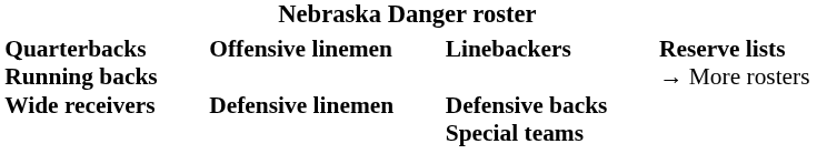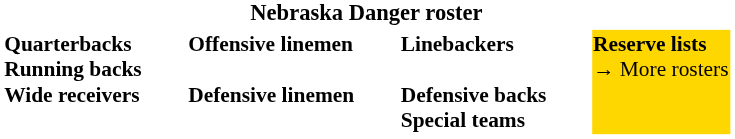 <table class="toccolours" style="text-align: left;">
 <tr>
 <th colspan="7" style="text-align:center; ">Nebraska Danger roster</th>
 </tr>
 <tr>
 <td style="font-size: 95%;vertical-align:top;"><strong>Quarterbacks</strong><br>  <strong>Running backs</strong> <br><strong>Wide receivers</strong>     </td>
 <td style="width: 25px;"></td>
 <td style="font-size: 95%;vertical-align:top;"><strong>Offensive linemen</strong><br>   <br><strong>Defensive linemen</strong>    </td>
 <td style="width: 25px;"></td>
 <td style="font-size: 95%;vertical-align:top;"><strong>Linebackers</strong><br><br><strong>Defensive backs</strong>      <br><strong>Special teams</strong> </td>
 <td style="width: 25px;"></td>
-<td style="font-size: 95%;vertical-align:top;"><strong>Reserve lists</strong><br>→ More rosters</td>
+<td style="background: gold; font-size: 95%;vertical-align:top;"><strong>Reserve lists</strong><br>→ More rosters</td>
 </tr>
 <tr>
 </tr>
 </table>
